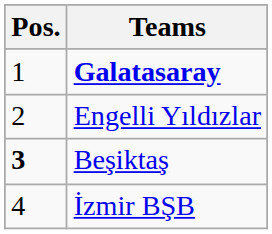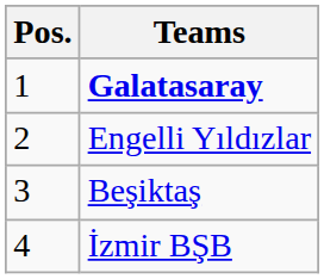 <table class="wikitable">
 <tr>
 <th>Pos.</th>
 <th>Teams</th>
 </tr>
 <tr>
 <td>1</td>
 <td> <strong><a href='#'>Galatasaray</a></strong></td>
 </tr>
 <tr>
 <td>2</td>
 <td> <a href='#'>Engelli Yıldızlar</a></td>
 </tr>
 <tr>
-<td><strong>3</strong></td>
+<td>3</td>
 <td> <a href='#'>Beşiktaş</a></td>
 </tr>
 <tr>
 <td>4</td>
 <td> <a href='#'>İzmir BŞB</a></td>
 </tr>
 </table>
